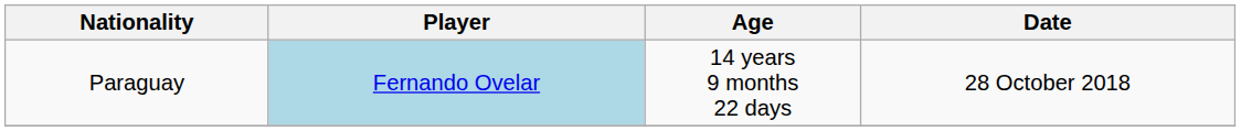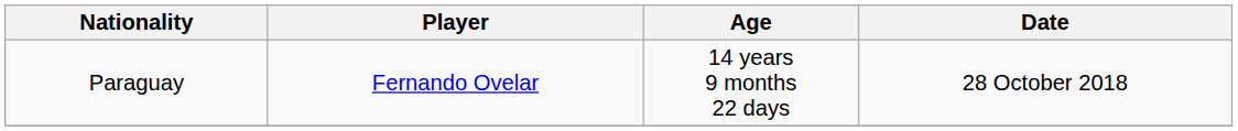 <table class="wikitable sortable"  style="text-align:center; width:70%;">
 <tr>
 <th>Nationality</th>
 <th>Player</th>
 <th>Age</th>
 <th>Date</th>
 </tr>
 <tr>
 <td> Paraguay</td>
-<td style="background: lightblue;"><a href='#'>Fernando Ovelar</a></td>
+<td><a href='#'>Fernando Ovelar</a></td>
 <td>14 years<br>9 months<br>22 days</td>
 <td>28 October 2018</td>
 </tr>
 <tr>
 </tr>
 </table>
